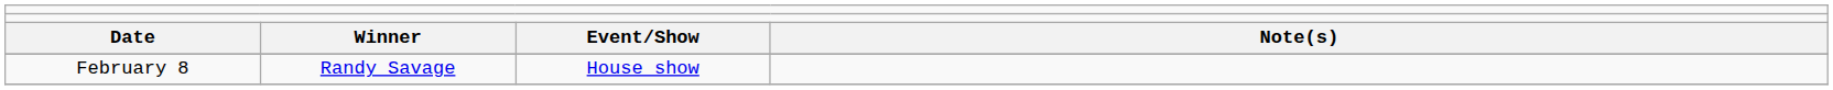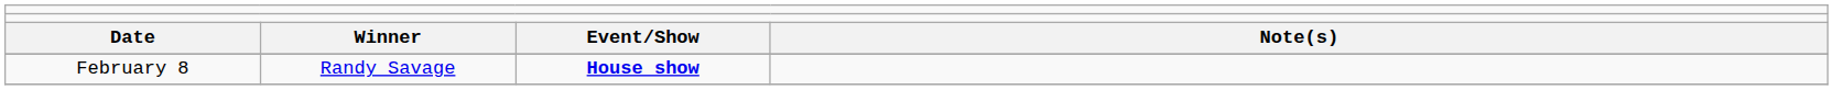 <table class="wikitable" style="text-align:center; width:100%;">
 <tr>
 <td colspan="5"></td>
 </tr>
 <tr>
 <td colspan="5"><strong></strong></td>
 </tr>
 <tr>
 <th width="14%">Date</th>
 <th width="14%">Winner</th>
 <th width="14%">Event/Show</th>
 <th width="58%">Note(s)</th>
 </tr>
 <tr>
 </tr>
 <tr>
 <td>February 8</td>
 <td><a href='#'>Randy Savage</a></td>
-<td><a href='#'>House show</a></td>
+<td><strong><a href='#'>House show</a></strong></td>
 <td align=left></td>
 </tr>
 <tr>
 </tr>
 </table>
